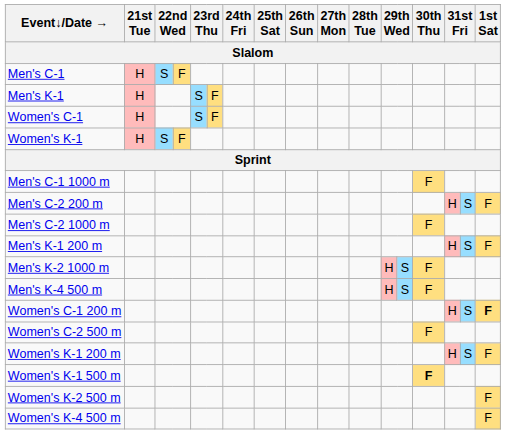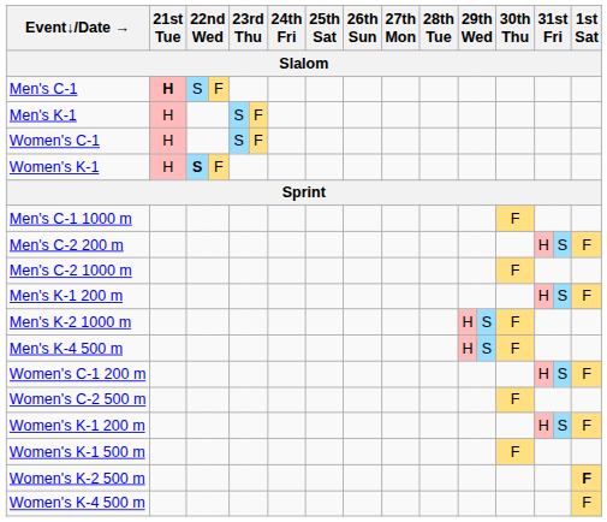 <table class="wikitable" style="margin:0.5em auto; font-size:90%; line-height:1.25em; text-align:center;">
 <tr>
 <th>Event↓/Date →</th>
 <th>21st<br>Tue</th>
 <th colspan=2>22nd<br>Wed</th>
 <th colspan=2>23rd<br>Thu</th>
 <th>24th<br>Fri</th>
 <th>25th<br>Sat</th>
 <th>26th<br>Sun</th>
 <th>27th<br>Mon</th>
 <th>28th<br>Tue</th>
 <th colspan=2>29th<br>Wed</th>
 <th>30th<br>Thu</th>
 <th colspan=2>31st<br>Fri</th>
 <th>1st<br>Sat</th>
 </tr>
 <tr>
 <th colspan=17>Slalom</th>
 </tr>
 <tr>
 <td align="left"><a href='#'>Men's C-1</a></td>
-<td bgcolor="#FFBBBB">H</td>
+<td bgcolor="#FFBBBB"><strong>H</strong></td>
 <td bgcolor="#97DEFF">S</td>
 <td bgcolor="#FFDF80">F</td>
 <td colspan=2></td>
 <td></td>
 <td></td>
 <td></td>
 <td></td>
 <td></td>
 <td colspan=2></td>
 <td></td>
 <td colspan=2></td>
 <td></td>
 </tr>
 <tr>
 <td align="left"><a href='#'>Men's K-1</a></td>
 <td bgcolor="#FFBBBB">H</td>
 <td colspan=2></td>
 <td bgcolor="#97DEFF">S</td>
 <td bgcolor="#FFDF80">F</td>
 <td></td>
 <td></td>
 <td></td>
 <td></td>
 <td></td>
 <td colspan=2></td>
 <td></td>
 <td colspan=2></td>
 <td></td>
 </tr>
 <tr>
 <td align="left"><a href='#'>Women's C-1</a></td>
 <td bgcolor="#FFBBBB">H</td>
 <td colspan=2></td>
 <td bgcolor="#97DEFF">S</td>
 <td bgcolor="#FFDF80">F</td>
 <td></td>
 <td></td>
 <td></td>
 <td></td>
 <td></td>
 <td colspan=2></td>
 <td></td>
 <td colspan=2></td>
 <td></td>
 </tr>
 <tr>
 <td align="left"><a href='#'>Women's K-1</a></td>
 <td bgcolor="#FFBBBB">H</td>
-<td bgcolor="#97DEFF">S</td>
+<td bgcolor="#97DEFF"><strong>S</strong></td>
 <td bgcolor="#FFDF80">F</td>
 <td colspan=2></td>
 <td></td>
 <td></td>
 <td></td>
 <td></td>
 <td></td>
 <td colspan=2></td>
 <td></td>
 <td colspan=2></td>
 <td></td>
 </tr>
 <tr>
 <th colspan=17>Sprint</th>
 </tr>
 <tr>
 <td align="left"><a href='#'>Men's C-1 1000 m</a></td>
 <td></td>
 <td colspan=2></td>
 <td colspan=2></td>
 <td></td>
 <td></td>
 <td></td>
 <td></td>
 <td></td>
 <td colspan=2></td>
 <td bgcolor="#FFDF80">F</td>
 <td colspan=2></td>
 <td></td>
 </tr>
 <tr>
 <td align="left"><a href='#'>Men's C-2 200 m</a></td>
 <td></td>
 <td colspan=2></td>
 <td colspan=2></td>
 <td></td>
 <td></td>
 <td></td>
 <td></td>
 <td></td>
 <td colspan=2></td>
 <td></td>
 <td bgcolor="#FFBBBB">H</td>
 <td bgcolor="#97DEFF">S</td>
 <td bgcolor="#FFDF80">F</td>
 </tr>
 <tr>
 <td align="left"><a href='#'>Men's C-2 1000 m</a></td>
 <td></td>
 <td colspan=2></td>
 <td colspan=2></td>
 <td></td>
 <td></td>
 <td></td>
 <td></td>
 <td></td>
 <td colspan=2></td>
 <td bgcolor="#FFDF80">F</td>
 <td colspan=2></td>
 <td></td>
 </tr>
 <tr>
 <td align="left"><a href='#'>Men's K-1 200 m</a></td>
 <td></td>
 <td colspan=2></td>
 <td colspan=2></td>
 <td></td>
 <td></td>
 <td></td>
 <td></td>
 <td></td>
 <td colspan=2></td>
 <td></td>
 <td bgcolor="#FFBBBB">H</td>
 <td bgcolor="#97DEFF">S</td>
 <td bgcolor="#FFDF80">F</td>
 </tr>
 <tr>
 <td align="left"><a href='#'>Men's K-2 1000 m</a></td>
 <td></td>
 <td colspan=2></td>
 <td colspan=2></td>
 <td></td>
 <td></td>
 <td></td>
 <td></td>
 <td></td>
 <td bgcolor="#FFBBBB">H</td>
 <td bgcolor="#97DEFF">S</td>
 <td bgcolor="#FFDF80">F</td>
 <td colspan=2></td>
 <td></td>
 </tr>
 <tr>
 <td align="left"><a href='#'>Men's K-4 500 m</a></td>
 <td></td>
 <td colspan=2></td>
 <td colspan=2></td>
 <td></td>
 <td></td>
 <td></td>
 <td></td>
 <td></td>
 <td bgcolor="#FFBBBB">H</td>
 <td bgcolor="#97DEFF">S</td>
 <td bgcolor="#FFDF80">F</td>
 <td colspan=2></td>
 <td></td>
 </tr>
 <tr>
 <td align="left"><a href='#'>Women's C-1 200 m</a></td>
 <td></td>
 <td colspan=2></td>
 <td colspan=2></td>
 <td></td>
 <td></td>
 <td></td>
 <td></td>
 <td></td>
 <td colspan=2></td>
 <td></td>
 <td bgcolor="#FFBBBB">H</td>
 <td bgcolor="#97DEFF">S</td>
-<td bgcolor="#FFDF80"><strong>F</strong></td>
+<td bgcolor="#FFDF80">F</td>
 </tr>
 <tr>
 <td align="left"><a href='#'>Women's C-2 500 m</a></td>
 <td></td>
 <td colspan=2></td>
 <td colspan=2></td>
 <td></td>
 <td></td>
 <td></td>
 <td></td>
 <td></td>
 <td colspan=2></td>
 <td bgcolor="#FFDF80">F</td>
 <td colspan=2></td>
 <td></td>
 </tr>
 <tr>
 <td align="left"><a href='#'>Women's K-1 200 m</a></td>
 <td></td>
 <td colspan=2></td>
 <td colspan=2></td>
 <td></td>
 <td></td>
 <td></td>
 <td></td>
 <td></td>
 <td colspan=2></td>
 <td></td>
 <td bgcolor="#FFBBBB">H</td>
 <td bgcolor="#97DEFF">S</td>
 <td bgcolor="#FFDF80">F</td>
 </tr>
 <tr>
 <td align="left"><a href='#'>Women's K-1 500 m</a></td>
 <td></td>
 <td colspan=2></td>
 <td colspan=2></td>
 <td></td>
 <td></td>
 <td></td>
 <td></td>
 <td></td>
 <td colspan=2></td>
-<td bgcolor="#FFDF80"><strong>F</strong></td>
+<td bgcolor="#FFDF80">F</td>
 <td colspan=2></td>
 <td></td>
 </tr>
 <tr>
 <td align="left"><a href='#'>Women's K-2 500 m</a></td>
 <td></td>
 <td colspan=2></td>
 <td colspan=2></td>
 <td></td>
 <td></td>
 <td></td>
 <td></td>
 <td></td>
 <td colspan=2></td>
 <td></td>
 <td colspan=2></td>
-<td bgcolor="#FFDF80">F</td>
+<td bgcolor="#FFDF80"><strong>F</strong></td>
 </tr>
 <tr>
 <td align="left"><a href='#'>Women's K-4 500 m</a></td>
 <td></td>
 <td colspan=2></td>
 <td colspan=2></td>
 <td></td>
 <td></td>
 <td></td>
 <td></td>
 <td></td>
 <td colspan=2></td>
 <td></td>
 <td colspan=2></td>
 <td bgcolor="#FFDF80">F</td>
 </tr>
 </table>
